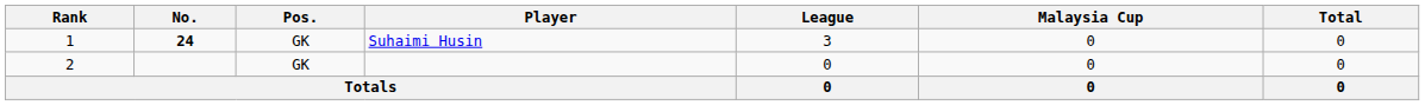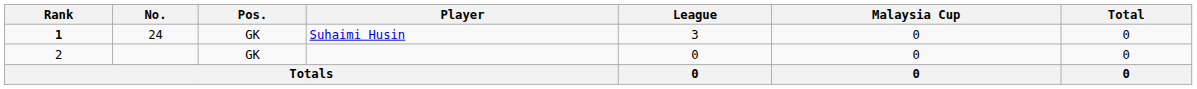 <table class="wikitable sortable" style="text-align:center;width:100%;">
 <tr>
 <th>Rank</th>
 <th>No.</th>
 <th>Pos.</th>
 <th>Player</th>
 <th>League</th>
 <th>Malaysia Cup</th>
 <th>Total</th>
 </tr>
 <tr>
-<td rowspan=1>1</td>
-<td><strong>24</strong></td>
+<td rowspan=1><strong>1</strong></td>
+<td>24</td>
 <td>GK</td>
 <td align=left> <a href='#'>Suhaimi Husin</a></td>
 <td>3</td>
 <td>0</td>
 <td>0</td>
 </tr>
 <tr>
 <td rowspan=1>2</td>
 <td></td>
 <td>GK</td>
 <td align=left></td>
 <td>0</td>
 <td>0</td>
 <td>0</td>
 </tr>
 <tr>
 <th colspan=4><strong>Totals</strong></th>
 <th>0</th>
 <th><strong>0</strong></th>
 <th><strong>0</strong></th>
 </tr>
 </table>
